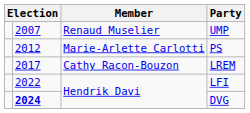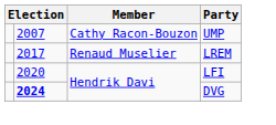 <table class="wikitable">
 <tr>
 <th colspan="2">Election</th>
 <th>Member</th>
 <th>Party</th>
 </tr>
 <tr>
 <td style="color:inherit;background-color: "></td>
 <td><a href='#'>2007</a></td>
-<td><a href='#'>Renaud Muselier</a></td>
+<td><a href='#'>Cathy Racon-Bouzon</a></td>
 <td><a href='#'>UMP</a></td>
 </tr>
 <tr>
 <td style="color:inherit;background-color: "></td>
-<td><a href='#'>2012</a></td>
-<td><a href='#'>Marie-Arlette Carlotti</a></td>
-<td><a href='#'>PS</a></td>
-</tr>
-<tr>
-<td style="color:inherit;background-color: "></td>
 <td><a href='#'>2017</a></td>
-<td><a href='#'>Cathy Racon-Bouzon</a></td>
+<td><a href='#'>Renaud Muselier</a></td>
 <td><a href='#'>LREM</a></td>
 </tr>
 <tr>
 <td style="color:inherit;background-color: "></td>
-<td><a href='#'>2022</a></td>
+<td><a href='#'>2020</a></td>
 <td rowspan=2><a href='#'>Hendrik Davi</a></td>
 <td><a href='#'>LFI</a></td>
 </tr>
 <tr>
 <td style="color:inherit;background-color: "></td>
 <td><strong><a href='#'>2024</a></strong></td>
 <td><a href='#'>DVG</a></td>
 </tr>
 </table>
